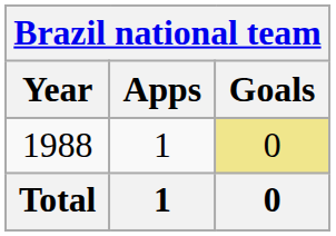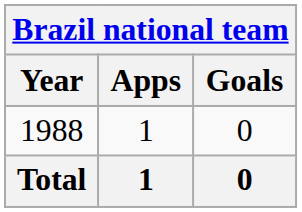 <table class="wikitable" style="text-align:center">
 <tr>
 <th colspan=3><a href='#'>Brazil national team</a></th>
 </tr>
 <tr>
 <th>Year</th>
 <th>Apps</th>
 <th>Goals</th>
 </tr>
 <tr>
 <td>1988</td>
 <td>1</td>
-<td style="background: khaki;">0</td>
+<td>0</td>
 </tr>
 <tr>
 <th>Total</th>
 <th>1</th>
 <th>0</th>
 </tr>
 </table>
